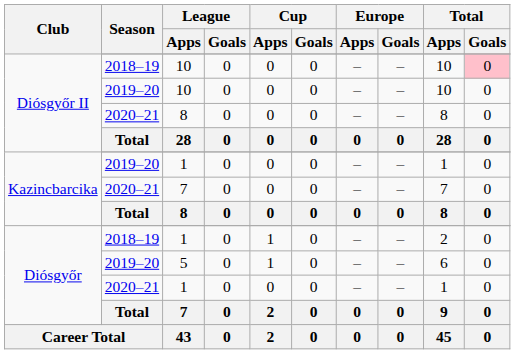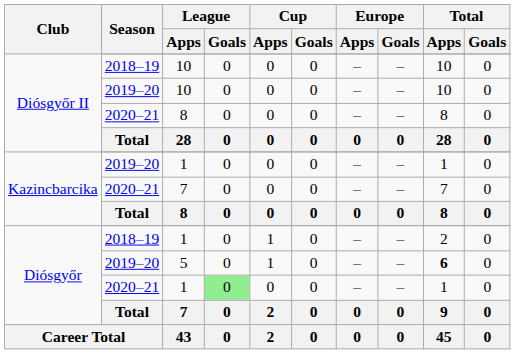 <table class="wikitable" style="text-align: center">
 <tr>
 <th rowspan="2">Club</th>
 <th rowspan="2">Season</th>
 <th colspan="2">League</th>
 <th colspan="2">Cup</th>
 <th colspan="2">Europe</th>
 <th colspan="2">Total</th>
 </tr>
 <tr>
 <th>Apps</th>
 <th>Goals</th>
 <th>Apps</th>
 <th>Goals</th>
 <th>Apps</th>
 <th>Goals</th>
 <th>Apps</th>
 <th>Goals</th>
 </tr>
 <tr>
 <td rowspan="5"><a href='#'>Diósgyőr II</a></td>
 </tr>
 <tr>
 <td><a href='#'>2018–19</a></td>
 <td>10</td>
 <td>0</td>
 <td>0</td>
 <td>0</td>
 <td>–</td>
 <td>–</td>
 <td>10</td>
-<td style="background: pink;">0</td>
+<td>0</td>
 </tr>
 <tr>
 <td><a href='#'>2019–20</a></td>
 <td>10</td>
 <td>0</td>
 <td>0</td>
 <td>0</td>
 <td>–</td>
 <td>–</td>
 <td>10</td>
 <td>0</td>
 </tr>
 <tr>
 <td><a href='#'>2020–21</a></td>
 <td>8</td>
 <td>0</td>
 <td>0</td>
 <td>0</td>
 <td>–</td>
 <td>–</td>
 <td>8</td>
 <td>0</td>
 </tr>
 <tr>
 <th>Total</th>
 <th>28</th>
 <th>0</th>
 <th>0</th>
 <th>0</th>
 <th>0</th>
 <th>0</th>
 <th>28</th>
 <th>0</th>
 </tr>
 <tr>
 <td rowspan="4"><a href='#'>Kazincbarcika</a></td>
 </tr>
 <tr>
 <td><a href='#'>2019–20</a></td>
 <td>1</td>
 <td>0</td>
 <td>0</td>
 <td>0</td>
 <td>–</td>
 <td>–</td>
 <td>1</td>
 <td>0</td>
 </tr>
 <tr>
 <td><a href='#'>2020–21</a></td>
 <td>7</td>
 <td>0</td>
 <td>0</td>
 <td>0</td>
 <td>–</td>
 <td>–</td>
 <td>7</td>
 <td>0</td>
 </tr>
 <tr>
 <th>Total</th>
 <th>8</th>
 <th>0</th>
 <th>0</th>
 <th>0</th>
 <th>0</th>
 <th>0</th>
 <th>8</th>
 <th>0</th>
 </tr>
 <tr>
 <td rowspan="5"><a href='#'>Diósgyőr</a></td>
 </tr>
 <tr>
 <td><a href='#'>2018–19</a></td>
 <td>1</td>
 <td>0</td>
 <td>1</td>
 <td>0</td>
 <td>–</td>
 <td>–</td>
 <td>2</td>
 <td>0</td>
 </tr>
 <tr>
 <td><a href='#'>2019–20</a></td>
 <td>5</td>
 <td>0</td>
 <td>1</td>
 <td>0</td>
 <td>–</td>
 <td>–</td>
-<td>6</td>
+<td><strong>6</strong></td>
 <td>0</td>
 </tr>
 <tr>
 <td><a href='#'>2020–21</a></td>
 <td>1</td>
-<td>0</td>
+<td style="background: lightgreen;">0</td>
 <td>0</td>
 <td>0</td>
 <td>–</td>
 <td>–</td>
 <td>1</td>
 <td>0</td>
 </tr>
 <tr>
 <th>Total</th>
 <th>7</th>
 <th>0</th>
 <th>2</th>
 <th>0</th>
 <th>0</th>
 <th>0</th>
 <th>9</th>
 <th>0</th>
 </tr>
 <tr>
 <th colspan="2">Career Total</th>
 <th>43</th>
 <th>0</th>
 <th>2</th>
 <th>0</th>
 <th>0</th>
 <th>0</th>
 <th>45</th>
 <th>0</th>
 </tr>
 </table>
